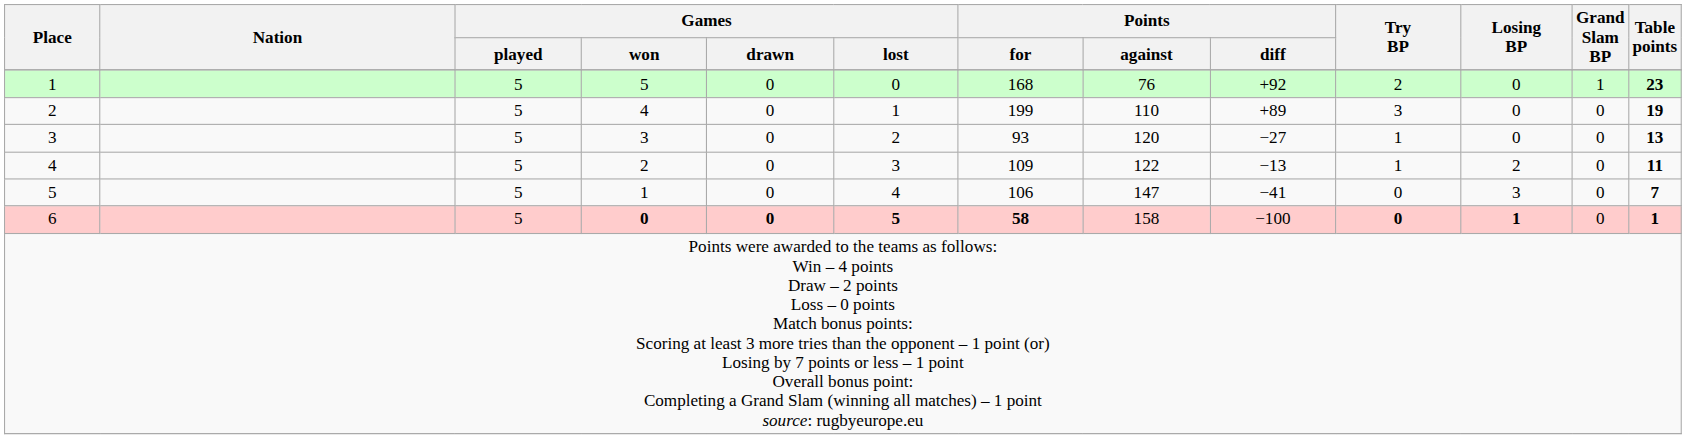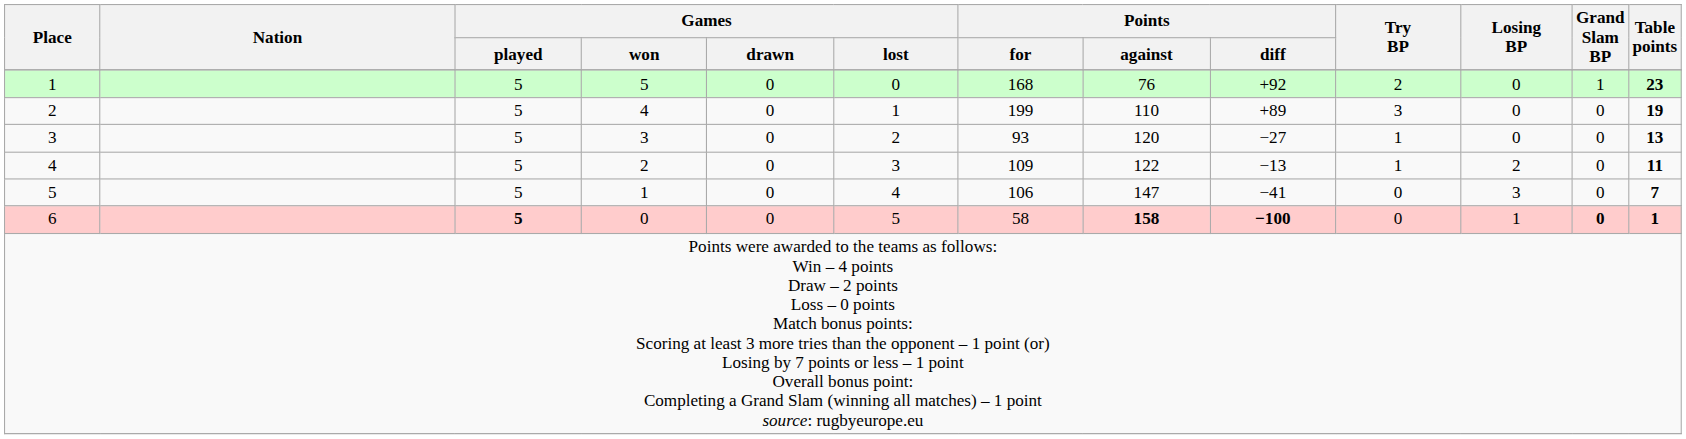 <table class="wikitable">
 <tr>
 <th rowspan=2 width="6%">Place</th>
 <th rowspan=2 width="23%">Nation</th>
 <th colspan=4 width="40%">Games</th>
 <th colspan=3 width="24%">Points</th>
 <th rowspan=2 width="8%">Try<br>BP</th>
 <th rowspan=2 width="8%">Losing<br>BP</th>
 <th rowspan=2 width="8%">Grand Slam<br>BP</th>
 <th rowspan=2 width="10%">Table<br>points</th>
 </tr>
 <tr>
 <th width="8%">played</th>
 <th width="8%">won</th>
 <th width="8%">drawn</th>
 <th width="8%">lost</th>
 <th width="8%">for</th>
 <th width="8%">against</th>
 <th width="8%">diff</th>
 </tr>
 <tr>
 </tr>
 <tr align=center bgcolor="#ccffcc">
 <td>1</td>
 <td align=left></td>
 <td>5</td>
 <td>5</td>
 <td>0</td>
 <td>0</td>
 <td>168</td>
 <td>76</td>
 <td>+92</td>
 <td>2</td>
 <td>0</td>
 <td>1</td>
 <td><strong>23</strong></td>
 </tr>
 <tr align="center">
 <td>2</td>
 <td align=left></td>
 <td>5</td>
 <td>4</td>
 <td>0</td>
 <td>1</td>
 <td>199</td>
 <td>110</td>
 <td>+89</td>
 <td>3</td>
 <td>0</td>
 <td>0</td>
 <td><strong>19</strong></td>
 </tr>
 <tr align=center>
 <td>3</td>
 <td align=left></td>
 <td>5</td>
 <td>3</td>
 <td>0</td>
 <td>2</td>
 <td>93</td>
 <td>120</td>
 <td>−27</td>
 <td>1</td>
 <td>0</td>
 <td>0</td>
 <td><strong>13</strong></td>
 </tr>
 <tr align=center>
 <td>4</td>
 <td align=left></td>
 <td>5</td>
 <td>2</td>
 <td>0</td>
 <td>3</td>
 <td>109</td>
 <td>122</td>
 <td>−13</td>
 <td>1</td>
 <td>2</td>
 <td>0</td>
 <td><strong>11</strong></td>
 </tr>
 <tr align=center>
 <td>5</td>
 <td align=left></td>
 <td>5</td>
 <td>1</td>
 <td>0</td>
 <td>4</td>
 <td>106</td>
 <td>147</td>
 <td>−41</td>
 <td>0</td>
 <td>3</td>
 <td>0</td>
 <td><strong>7</strong></td>
 </tr>
 <tr align=center bgcolor="#ffcccc">
 <td>6</td>
 <td align=left></td>
+<td><strong>5</strong></td>
+<td>0</td>
+<td>0</td>
 <td>5</td>
+<td>58</td>
+<td><strong>158</strong></td>
+<td><strong>−100</strong></td>
+<td>0</td>
+<td>1</td>
 <td><strong>0</strong></td>
-<td><strong>0</strong></td>
-<td><strong>5</strong></td>
-<td><strong>58</strong></td>
-<td>158</td>
-<td>−100</td>
-<td><strong>0</strong></td>
-<td><strong>1</strong></td>
-<td>0</td>
 <td><strong>1</strong></td>
 </tr>
 <tr>
 <td style="text-align:center;" colspan="100">Points were awarded to the teams as follows:<br>Win – 4 points<br>Draw – 2 points<br> Loss – 0 points<br>Match bonus points:<br>Scoring at least 3 more tries than the opponent – 1 point (or)<br>Losing by 7 points or less – 1 point<br>Overall bonus point:<br>Completing a Grand Slam (winning all matches) – 1 point<br><em>source</em>: rugbyeurope.eu</td>
 </tr>
 <tr>
 </tr>
 </table>
